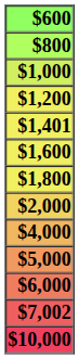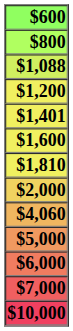 <table border=1 cellspacing=0 cellpadding=1 width=50px|->
 <tr>
 <td bgcolor=#90FF60 align=right><strong>$600</strong></td>
 </tr>
 <tr>
 <td bgcolor=#B0FF60 align=right><strong>$800</strong></td>
 </tr>
 <tr>
-<td bgcolor=#D0F060 align=right><strong>$1,000</strong></td>
+<td bgcolor=#D0F060 align=right><strong>$1,088</strong></td>
 </tr>
 <tr>
 <td bgcolor=#F0F060 align=right><strong>$1,200</strong></td>
 </tr>
 <tr>
 <td bgcolor=#F0F060 align=right><strong>$1,401</strong></td>
 </tr>
 <tr>
 <td bgcolor=#F0F060 align=right><strong>$1,600</strong></td>
 </tr>
 <tr>
-<td bgcolor=#F0F060 align=right><strong>$1,800</strong></td>
+<td bgcolor=#F0F060 align=right><strong>$1,810</strong></td>
 </tr>
 <tr>
 <td bgcolor=#F0D360 align=right><strong>$2,000</strong></td>
 </tr>
 <tr>
-<td bgcolor=#F0B660 align=right><strong>$4,000</strong></td>
+<td bgcolor=#F0B660 align=right><strong>$4,060</strong></td>
 </tr>
 <tr>
 <td bgcolor=#F09960 align=right><strong>$5,000</strong></td>
 </tr>
 <tr>
 <td bgcolor=#F07C60 align=right><strong>$6,000</strong></td>
 </tr>
 <tr>
-<td bgcolor=#F05F60 align=right><strong>$7,002</strong></td>
+<td bgcolor=#F05F60 align=right><strong>$7,000</strong></td>
 </tr>
 <tr>
 <td bgcolor=#F04060 align=right><strong>$10,000</strong></td>
 </tr>
 </table>
